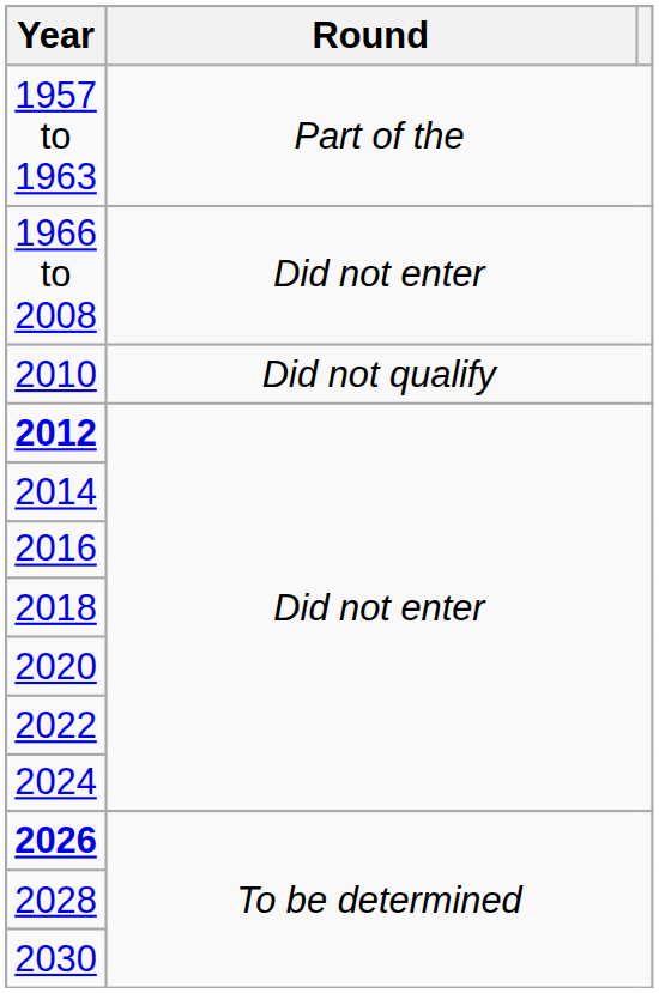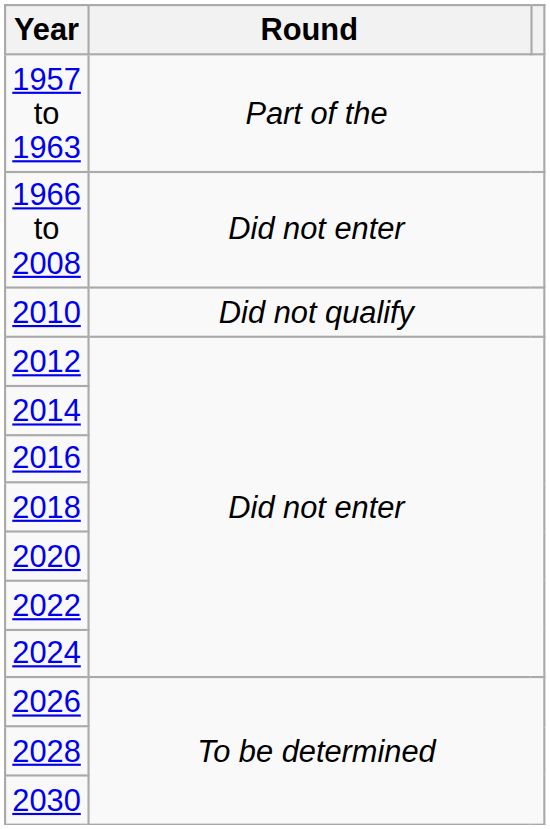 <table class="wikitable" style="text-align: center; font-size:90%">
 <tr>
 <th>Year</th>
 <th style="width:200px">Round</th>
 <th></th>
 </tr>
 <tr>
 <td><a href='#'>1957</a><br>to<br><a href='#'>1963</a></td>
 <td colspan="2"><em>Part of the </em></td>
 </tr>
 <tr>
 <td><a href='#'>1966</a><br>to<br><a href='#'>2008</a></td>
 <td colspan="2"><em>Did not enter</em></td>
 </tr>
 <tr>
 <td><a href='#'>2010</a></td>
 <td colspan="2"><em>Did not qualify</em></td>
 </tr>
 <tr>
-<td><strong><a href='#'>2012</a></strong></td>
+<td><a href='#'>2012</a></td>
 <td colspan="2" rowspan="7"><em>Did not enter</em></td>
 </tr>
 <tr>
 <td><a href='#'>2014</a></td>
 </tr>
 <tr>
 <td><a href='#'>2016</a></td>
 </tr>
 <tr>
 <td><a href='#'>2018</a></td>
 </tr>
 <tr>
 <td><a href='#'>2020</a></td>
 </tr>
 <tr>
 <td><a href='#'>2022</a></td>
 </tr>
 <tr>
 <td><a href='#'>2024</a></td>
 </tr>
 <tr>
-<td><strong><a href='#'>2026</a></strong></td>
+<td><a href='#'>2026</a></td>
 <td colspan="2" rowspan="3"><em>To be determined</em></td>
 </tr>
 <tr>
 <td><a href='#'>2028</a></td>
 </tr>
 <tr>
 <td><a href='#'>2030</a></td>
 </tr>
 </table>
